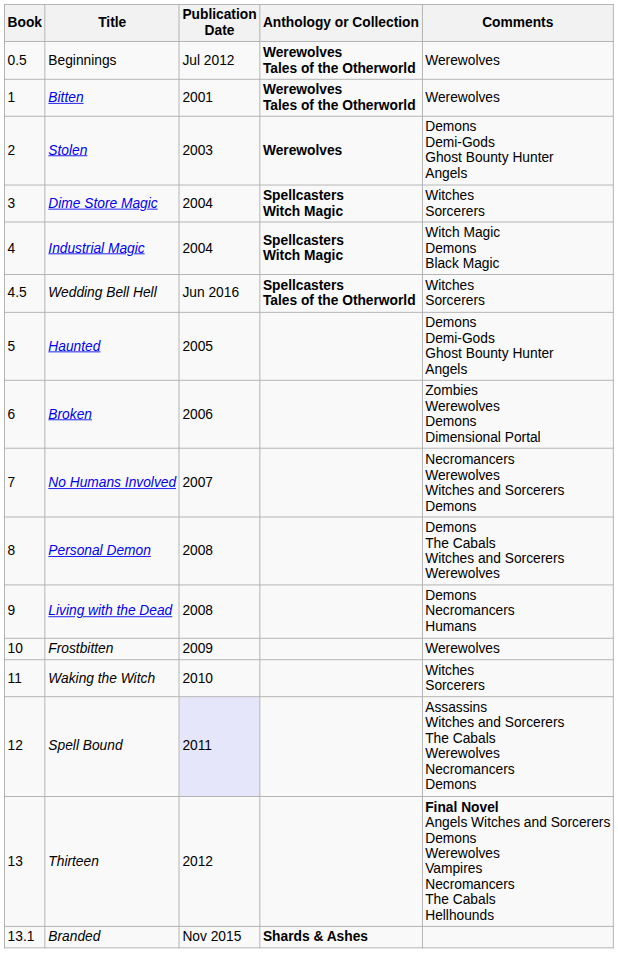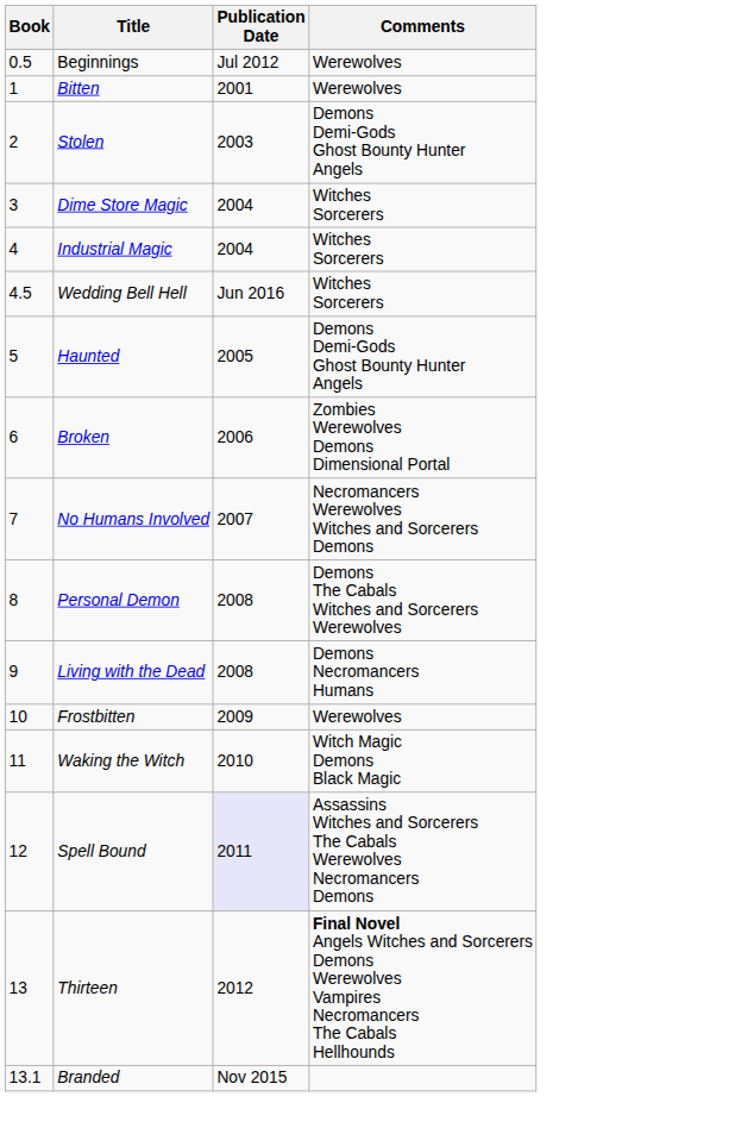 <table class="wikitable">
 <tr>
 <th>Book<br></th>
 <th>Title</th>
 <th>Publication<br>Date</th>
-<th>Anthology or Collection</th>
 <th>Comments</th>
 </tr>
 <tr>
 <td>0.5</td>
 <td>Beginnings</td>
 <td>Jul 2012</td>
-<td><strong>Werewolves</strong><br><strong>Tales of the Otherworld</strong></td>
 <td>Werewolves</td>
 </tr>
 <tr>
 <td>1</td>
 <td><em><a href='#'>Bitten</a></em></td>
 <td>2001</td>
-<td><strong>Werewolves</strong><br><strong>Tales of the Otherworld</strong></td>
 <td>Werewolves</td>
 </tr>
 <tr>
 <td>2</td>
 <td><em><a href='#'>Stolen</a></em></td>
 <td>2003</td>
-<td><strong>Werewolves</strong></td>
 <td>Demons<br>Demi-Gods<br>Ghost Bounty Hunter<br>Angels</td>
 </tr>
 <tr>
 <td>3</td>
 <td><em><a href='#'>Dime Store Magic</a></em></td>
 <td>2004</td>
-<td><strong>Spellcasters</strong><br><strong>Witch Magic</strong></td>
 <td>Witches<br>Sorcerers</td>
 </tr>
 <tr>
 <td>4</td>
 <td><em><a href='#'>Industrial Magic</a></em></td>
 <td>2004</td>
-<td><strong>Spellcasters</strong><br><strong>Witch Magic</strong></td>
-<td>Witch Magic<br>Demons<br>Black Magic</td>
+<td>Witches<br>Sorcerers</td>
 </tr>
 <tr>
 <td>4.5</td>
 <td><em>Wedding Bell Hell</em></td>
 <td>Jun 2016</td>
-<td><strong>Spellcasters</strong><br><strong>Tales of the Otherworld</strong></td>
 <td>Witches<br>Sorcerers</td>
 </tr>
 <tr>
 <td>5</td>
 <td><em><a href='#'>Haunted</a></em></td>
 <td>2005</td>
-<td></td>
 <td>Demons<br>Demi-Gods<br>Ghost Bounty Hunter<br>Angels</td>
 </tr>
 <tr>
 <td>6</td>
 <td><em><a href='#'>Broken</a></em></td>
 <td>2006</td>
-<td></td>
 <td>Zombies<br>Werewolves<br>Demons<br>Dimensional Portal</td>
 </tr>
 <tr>
 <td>7</td>
 <td><em><a href='#'>No Humans Involved</a></em></td>
 <td>2007</td>
-<td></td>
 <td>Necromancers<br>Werewolves<br>Witches and Sorcerers<br>Demons</td>
 </tr>
 <tr>
 <td>8</td>
 <td><em><a href='#'>Personal Demon</a></em></td>
 <td>2008</td>
-<td></td>
 <td>Demons<br>The Cabals<br>Witches and Sorcerers<br>Werewolves</td>
 </tr>
 <tr>
 <td>9</td>
 <td><em><a href='#'>Living with the Dead</a></em></td>
 <td>2008</td>
-<td></td>
 <td>Demons<br>Necromancers<br>Humans</td>
 </tr>
 <tr>
 <td>10</td>
 <td><em>Frostbitten</em></td>
 <td>2009</td>
-<td></td>
 <td>Werewolves</td>
 </tr>
 <tr>
 <td>11</td>
 <td><em>Waking the Witch</em></td>
 <td>2010</td>
-<td></td>
-<td>Witches<br>Sorcerers</td>
+<td>Witch Magic<br>Demons<br>Black Magic</td>
 </tr>
 <tr>
 <td>12</td>
 <td><em>Spell Bound</em></td>
 <td style="background: lavender;">2011</td>
-<td></td>
 <td>Assassins<br>Witches and Sorcerers<br>The Cabals<br>Werewolves<br>Necromancers<br>Demons</td>
 </tr>
 <tr>
 <td>13</td>
 <td><em>Thirteen</em></td>
 <td>2012</td>
-<td></td>
 <td><strong>Final Novel</strong><br>Angels  Witches and Sorcerers<br>Demons<br>Werewolves<br>Vampires<br>Necromancers<br>The Cabals<br>Hellhounds  <br></td>
 </tr>
 <tr>
 <td>13.1</td>
 <td><em>Branded</em></td>
 <td>Nov 2015</td>
-<td><strong>Shards & Ashes</strong></td>
 <td></td>
 </tr>
 </table>
